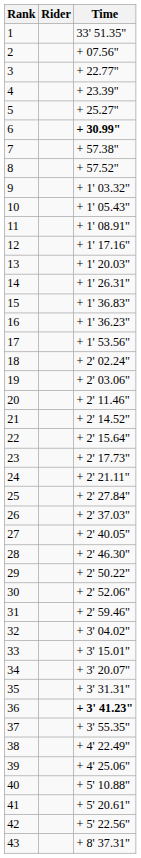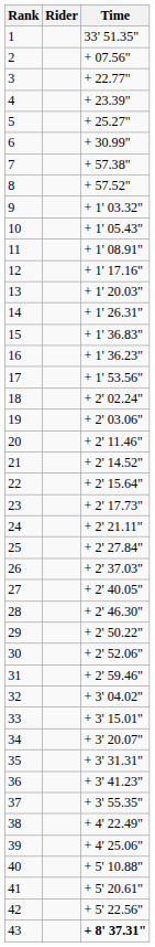 <table class="wikitable">
 <tr>
 <th>Rank</th>
 <th>Rider</th>
 <th>Time</th>
 </tr>
 <tr>
 <td>1</td>
 <td></td>
 <td>33' 51.35"</td>
 </tr>
 <tr>
 <td>2</td>
 <td></td>
 <td>+ 07.56"</td>
 </tr>
 <tr>
 <td>3</td>
 <td></td>
 <td>+ 22.77"</td>
 </tr>
 <tr>
 <td>4</td>
 <td></td>
 <td>+ 23.39"</td>
 </tr>
 <tr>
 <td>5</td>
 <td></td>
 <td>+ 25.27"</td>
 </tr>
 <tr>
 <td>6</td>
 <td></td>
-<td><strong>+ 30.99"</strong></td>
+<td>+ 30.99"</td>
 </tr>
 <tr>
 <td>7</td>
 <td></td>
 <td>+ 57.38"</td>
 </tr>
 <tr>
 <td>8</td>
 <td></td>
 <td>+ 57.52"</td>
 </tr>
 <tr>
 <td>9</td>
 <td></td>
 <td>+ 1' 03.32"</td>
 </tr>
 <tr>
 <td>10</td>
 <td></td>
 <td>+ 1' 05.43"</td>
 </tr>
 <tr>
 <td>11</td>
 <td></td>
 <td>+ 1' 08.91"</td>
 </tr>
 <tr>
 <td>12</td>
 <td></td>
 <td>+ 1' 17.16"</td>
 </tr>
 <tr>
 <td>13</td>
 <td></td>
 <td>+ 1' 20.03"</td>
 </tr>
 <tr>
 <td>14</td>
 <td></td>
 <td>+ 1' 26.31"</td>
 </tr>
 <tr>
 <td>15</td>
 <td></td>
 <td>+ 1' 36.83"</td>
 </tr>
 <tr>
 <td>16</td>
 <td></td>
 <td>+ 1' 36.23"</td>
 </tr>
 <tr>
 <td>17</td>
 <td></td>
 <td>+ 1' 53.56"</td>
 </tr>
 <tr>
 <td>18</td>
 <td></td>
 <td>+ 2' 02.24"</td>
 </tr>
 <tr>
 <td>19</td>
 <td></td>
 <td>+ 2' 03.06"</td>
 </tr>
 <tr>
 <td>20</td>
 <td></td>
 <td>+ 2' 11.46"</td>
 </tr>
 <tr>
 <td>21</td>
 <td></td>
 <td>+ 2' 14.52"</td>
 </tr>
 <tr>
 <td>22</td>
 <td></td>
 <td>+ 2' 15.64"</td>
 </tr>
 <tr>
 <td>23</td>
 <td></td>
 <td>+ 2' 17.73"</td>
 </tr>
 <tr>
 <td>24</td>
 <td></td>
 <td>+ 2' 21.11"</td>
 </tr>
 <tr>
 <td>25</td>
 <td></td>
 <td>+ 2' 27.84"</td>
 </tr>
 <tr>
 <td>26</td>
 <td></td>
 <td>+ 2' 37.03"</td>
 </tr>
 <tr>
 <td>27</td>
 <td></td>
 <td>+ 2' 40.05"</td>
 </tr>
 <tr>
 <td>28</td>
 <td></td>
 <td>+ 2' 46.30"</td>
 </tr>
 <tr>
 <td>29</td>
 <td></td>
 <td>+ 2' 50.22"</td>
 </tr>
 <tr>
 <td>30</td>
 <td></td>
 <td>+ 2' 52.06"</td>
 </tr>
 <tr>
 <td>31</td>
 <td></td>
 <td>+ 2' 59.46"</td>
 </tr>
 <tr>
 <td>32</td>
 <td></td>
 <td>+ 3' 04.02"</td>
 </tr>
 <tr>
 <td>33</td>
 <td></td>
 <td>+ 3' 15.01"</td>
 </tr>
 <tr>
 <td>34</td>
 <td></td>
 <td>+ 3' 20.07"</td>
 </tr>
 <tr>
 <td>35</td>
 <td></td>
 <td>+ 3' 31.31"</td>
 </tr>
 <tr>
 <td>36</td>
 <td></td>
-<td><strong>+ 3' 41.23"</strong></td>
+<td>+ 3' 41.23"</td>
 </tr>
 <tr>
 <td>37</td>
 <td></td>
 <td>+ 3' 55.35"</td>
 </tr>
 <tr>
 <td>38</td>
 <td></td>
 <td>+ 4' 22.49"</td>
 </tr>
 <tr>
 <td>39</td>
 <td></td>
 <td>+ 4' 25.06"</td>
 </tr>
 <tr>
 <td>40</td>
 <td></td>
 <td>+ 5' 10.88"</td>
 </tr>
 <tr>
 <td>41</td>
 <td></td>
 <td>+ 5' 20.61"</td>
 </tr>
 <tr>
 <td>42</td>
 <td></td>
 <td>+ 5' 22.56"</td>
 </tr>
 <tr>
 <td>43</td>
 <td></td>
-<td>+ 8' 37.31"</td>
+<td><strong>+ 8' 37.31"</strong></td>
 </tr>
 </table>
